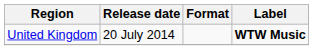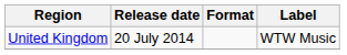 <table class="wikitable">
 <tr>
 <th>Region</th>
 <th>Release date</th>
 <th>Format</th>
 <th>Label</th>
 </tr>
 <tr>
 <td><a href='#'>United Kingdom</a></td>
 <td>20 July 2014</td>
 <td></td>
-<td><strong>WTW Music</strong></td>
+<td>WTW Music</td>
 </tr>
 <tr>
 </tr>
 </table>
